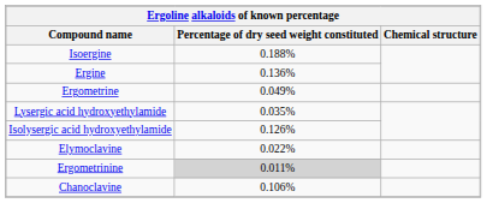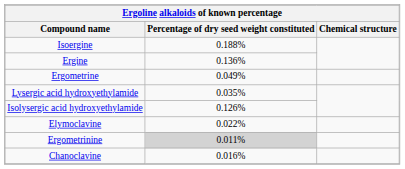 <table class="wikitable sortable" style="font-size:smaller; text-align:center; inlineTable; display: inline-block; vertical-align: top">
 <tr>
 <th colspan=3><a href='#'>Ergoline</a> <a href='#'>alkaloids</a> of known percentage</th>
 </tr>
 <tr>
 <th scope="col">Compound name</th>
 <th scope="col">Percentage of dry seed weight constituted</th>
 <th scope="col" class="unsortable">Chemical structure</th>
 </tr>
 <tr>
 <td><a href='#'>Isoergine</a></td>
 <td>0.188%</td>
 <td rowspan=2></td>
 </tr>
 <tr>
 <td><a href='#'>Ergine</a></td>
 <td>0.136%</td>
 </tr>
 <tr>
 <td><a href='#'>Ergometrine</a></td>
 <td>0.049%</td>
 <td></td>
 </tr>
 <tr>
 <td><a href='#'>Lysergic acid hydroxyethylamide</a></td>
 <td>0.035%</td>
 <td rowspan=2></td>
 </tr>
 <tr>
 <td><a href='#'>Isolysergic acid hydroxyethylamide</a></td>
 <td>0.126%</td>
 </tr>
 <tr>
 <td><a href='#'>Elymoclavine</a></td>
 <td>0.022%</td>
 <td></td>
 </tr>
 <tr>
 <td><a href='#'>Ergometrinine</a></td>
 <td style="background: lightgrey;">0.011%</td>
 <td></td>
 </tr>
 <tr>
 <td><a href='#'>Chanoclavine</a></td>
-<td>0.106%</td>
+<td>0.016%</td>
 <td></td>
 </tr>
 </table>
